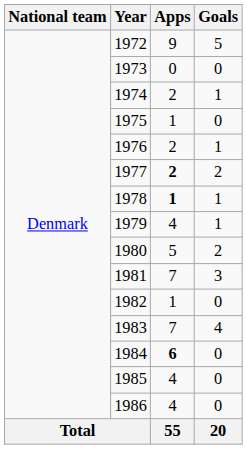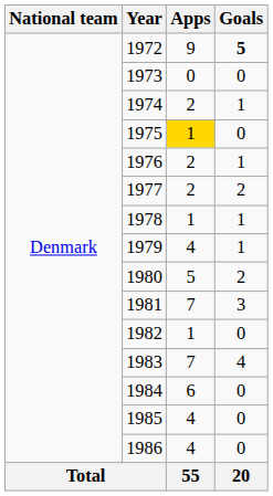 <table class="wikitable" style="text-align:center">
 <tr>
 <th>National team</th>
 <th>Year</th>
 <th>Apps</th>
 <th>Goals</th>
 </tr>
 <tr>
 <td rowspan="15"><a href='#'>Denmark</a></td>
 <td>1972</td>
 <td>9</td>
-<td>5</td>
+<td><strong>5</strong></td>
 </tr>
 <tr>
 <td>1973</td>
 <td>0</td>
 <td>0</td>
 </tr>
 <tr>
 <td>1974</td>
 <td>2</td>
 <td>1</td>
 </tr>
 <tr>
 <td>1975</td>
-<td>1</td>
+<td style="background: gold;">1</td>
 <td>0</td>
 </tr>
 <tr>
 <td>1976</td>
 <td>2</td>
 <td>1</td>
 </tr>
 <tr>
 <td>1977</td>
-<td><strong>2</strong></td>
+<td>2</td>
 <td>2</td>
 </tr>
 <tr>
 <td>1978</td>
-<td><strong>1</strong></td>
+<td>1</td>
 <td>1</td>
 </tr>
 <tr>
 <td>1979</td>
 <td>4</td>
 <td>1</td>
 </tr>
 <tr>
 <td>1980</td>
 <td>5</td>
 <td>2</td>
 </tr>
 <tr>
 <td>1981</td>
 <td>7</td>
 <td>3</td>
 </tr>
 <tr>
 <td>1982</td>
 <td>1</td>
 <td>0</td>
 </tr>
 <tr>
 <td>1983</td>
 <td>7</td>
 <td>4</td>
 </tr>
 <tr>
 <td>1984</td>
-<td><strong>6</strong></td>
+<td>6</td>
 <td>0</td>
 </tr>
 <tr>
 <td>1985</td>
 <td>4</td>
 <td>0</td>
 </tr>
 <tr>
 <td>1986</td>
 <td>4</td>
 <td>0</td>
 </tr>
 <tr>
 <th colspan="2">Total</th>
 <th>55</th>
 <th>20</th>
 </tr>
 </table>
